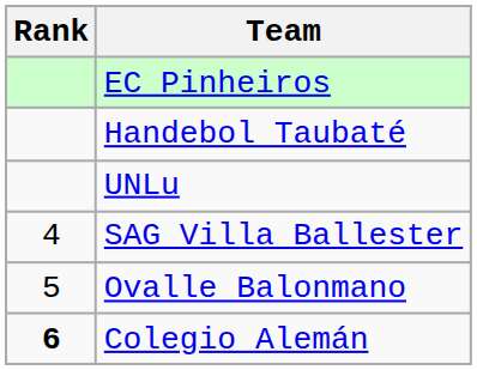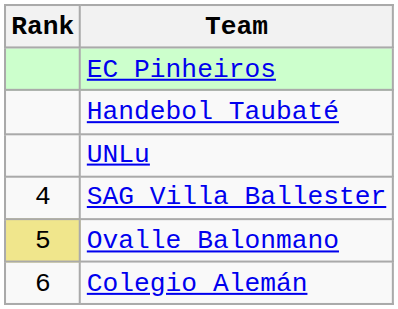 <table class="wikitable">
 <tr>
 <th>Rank</th>
 <th>Team</th>
 </tr>
 <tr bgcolor=ccffcc>
 <td align=center></td>
 <td> <a href='#'>EC Pinheiros</a></td>
 </tr>
 <tr>
 <td align=center></td>
 <td> <a href='#'>Handebol Taubaté</a></td>
 </tr>
 <tr>
 <td align=center></td>
 <td> <a href='#'>UNLu</a></td>
 </tr>
 <tr>
 <td align=center>4</td>
 <td> <a href='#'>SAG Villa Ballester</a></td>
 </tr>
 <tr>
-<td align=center>5</td>
+<td align=center style="background: khaki;">5</td>
 <td> <a href='#'>Ovalle Balonmano</a></td>
 </tr>
 <tr>
-<td align=center><strong>6</strong></td>
+<td align=center>6</td>
 <td> <a href='#'>Colegio Alemán</a></td>
 </tr>
 </table>
